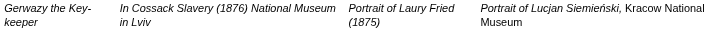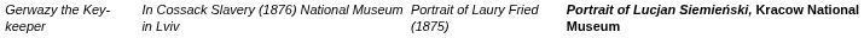 <table class="toccolours" border="0" cellpadding="2" cellspacing="2" style="margin:1em auto;">
 <tr>
 <td></td>
 <td></td>
 <td></td>
 <td></td>
 </tr>
 <tr>
 <td><div><small><em>Gerwazy the Key-keeper</em></small></div></td>
 <td><div><small><em>In Cossack Slavery (1876) National Museum in Lviv</em></small></div></td>
 <td><div><small><em>Portrait of Laury Fried (1875)</em></small></div></td>
-<td><div><small><em>Portrait of Lucjan Siemieński,</em> Kracow National Museum</small></div></td>
+<td><strong><div><small><em>Portrait of Lucjan Siemieński,</em> Kracow National Museum</small></div></strong></td>
 </tr>
 </table>
